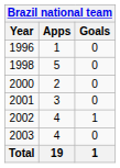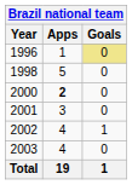 <table class="wikitable" style="text-align:center">
 <tr>
 <th colspan=3><a href='#'>Brazil national team</a></th>
 </tr>
 <tr>
 <th>Year</th>
 <th>Apps</th>
 <th>Goals</th>
 </tr>
 <tr>
 <td>1996</td>
 <td>1</td>
-<td>0</td>
+<td style="background: khaki;">0</td>
 </tr>
 <tr>
 <td>1998</td>
 <td>5</td>
 <td>0</td>
 </tr>
 <tr>
 <td>2000</td>
-<td>2</td>
+<td><strong>2</strong></td>
 <td>0</td>
 </tr>
 <tr>
 <td>2001</td>
 <td>3</td>
 <td>0</td>
 </tr>
 <tr>
 <td>2002</td>
 <td>4</td>
 <td>1</td>
 </tr>
 <tr>
 <td>2003</td>
 <td>4</td>
 <td>0</td>
 </tr>
 <tr>
 <th>Total</th>
 <th>19</th>
 <th>1</th>
 </tr>
 </table>
